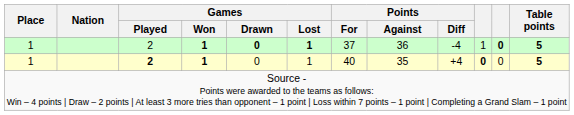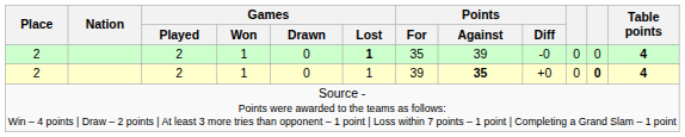 <table class="wikitable" style="text-align:center">
 <tr>
 <th rowspan="2">Place</th>
 <th rowspan="2">Nation</th>
 <th colspan="4">Games</th>
 <th colspan="3">Points</th>
 <th rowspan="2"></th>
 <th rowspan="2"></th>
 <th rowspan="2">Table<br>points</th>
 </tr>
 <tr>
 <th>Played</th>
 <th>Won</th>
 <th>Drawn</th>
 <th>Lost</th>
 <th>For</th>
 <th>Against</th>
 <th>Diff</th>
 </tr>
 <tr bgcolor="#ccffcc">
-<td>1</td>
+<td>2</td>
 <td style="text-align:left"></td>
 <td>2</td>
+<td>1</td>
+<td>0</td>
 <td><strong>1</strong></td>
-<td><strong>0</strong></td>
-<td><strong>1</strong></td>
-<td>37</td>
-<td>36</td>
-<td>-4</td>
-<td>1</td>
-<td><strong>0</strong></td>
-<td><strong>5</strong></td>
+<td>35</td>
+<td>39</td>
+<td>-0</td>
+<td>0</td>
+<td>0</td>
+<td><strong>4</strong></td>
 </tr>
 <tr bgcolor="#FFFFCC">
+<td>2</td>
+<td style="text-align:left"></td>
+<td>2</td>
 <td>1</td>
-<td style="text-align:left"></td>
-<td><strong>2</strong></td>
-<td><strong>1</strong></td>
 <td>0</td>
 <td>1</td>
-<td>40</td>
-<td>35</td>
-<td>+4</td>
+<td>39</td>
+<td><strong>35</strong></td>
+<td>+0</td>
+<td>0</td>
 <td><strong>0</strong></td>
-<td>0</td>
-<td><strong>5</strong></td>
+<td><strong>4</strong></td>
 </tr>
 <tr>
 <td colspan="100%" style="text-align:center">Source - <br><small>Points were awarded to the teams as follows:<br>Win – 4 points | Draw – 2 points | At least 3 more tries than opponent – 1 point | Loss within 7 points – 1 point | Completing a Grand Slam – 1 point</small></td>
 </tr>
 </table>
